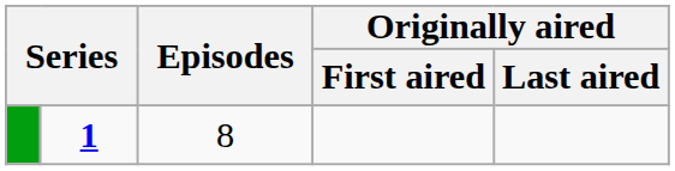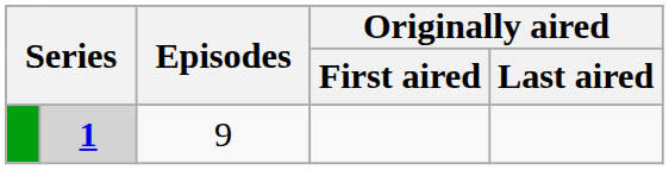 <table class="wikitable" style="text-align: center;">
 <tr>
 <th style="padding: 0 8px;" rowspan="2" colspan="2">Series</th>
 <th style="padding: 0 8px;" rowspan="2">Episodes</th>
 <th style="padding: 0 8px;" colspan="2">Originally aired</th>
 </tr>
 <tr>
 <th>First aired</th>
 <th>Last aired</th>
 </tr>
 <tr>
 <td style="background-color:#009F0F; width:8px;"></td>
-<td><strong><a href='#'>1</a></strong></td>
-<td>8</td>
+<td style="background: lightgrey;"><strong><a href='#'>1</a></strong></td>
+<td>9</td>
 <td></td>
 <td></td>
 </tr>
 </table>
